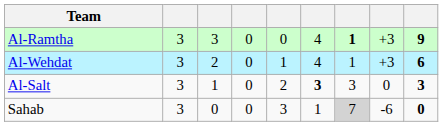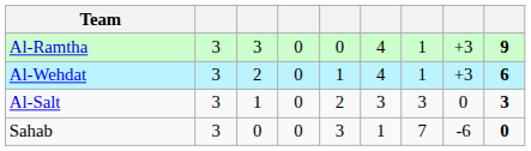 <table class="wikitable" style="text-align: center;">
 <tr>
 <th width="165">Team</th>
 <th width="30"></th>
 <th width="30"></th>
 <th width="30"></th>
 <th width="30"></th>
 <th width="30"></th>
 <th width="30"></th>
 <th width="30"></th>
 <th width="30"></th>
 </tr>
 <tr bgcolor="#ccffcc">
 <td align="left"><a href='#'>Al-Ramtha</a></td>
 <td>3</td>
 <td>3</td>
 <td>0</td>
 <td>0</td>
 <td>4</td>
-<td><strong>1</strong></td>
+<td>1</td>
 <td>+3</td>
 <td><strong>9</strong></td>
 </tr>
 <tr bgcolor="#bbf3ff">
 <td align="left"><a href='#'>Al-Wehdat</a></td>
 <td>3</td>
 <td>2</td>
 <td>0</td>
 <td>1</td>
 <td>4</td>
 <td>1</td>
 <td>+3</td>
 <td><strong>6</strong></td>
 </tr>
 <tr>
 <td align="left"><a href='#'>Al-Salt</a></td>
 <td>3</td>
 <td>1</td>
 <td>0</td>
 <td>2</td>
-<td><strong>3</strong></td>
+<td>3</td>
 <td>3</td>
 <td>0</td>
 <td><strong>3</strong></td>
 </tr>
 <tr>
 <td align="left">Sahab</td>
 <td>3</td>
 <td>0</td>
 <td>0</td>
 <td>3</td>
 <td>1</td>
-<td style="background: lightgrey;">7</td>
+<td>7</td>
 <td>-6</td>
 <td><strong>0</strong></td>
 </tr>
 </table>
